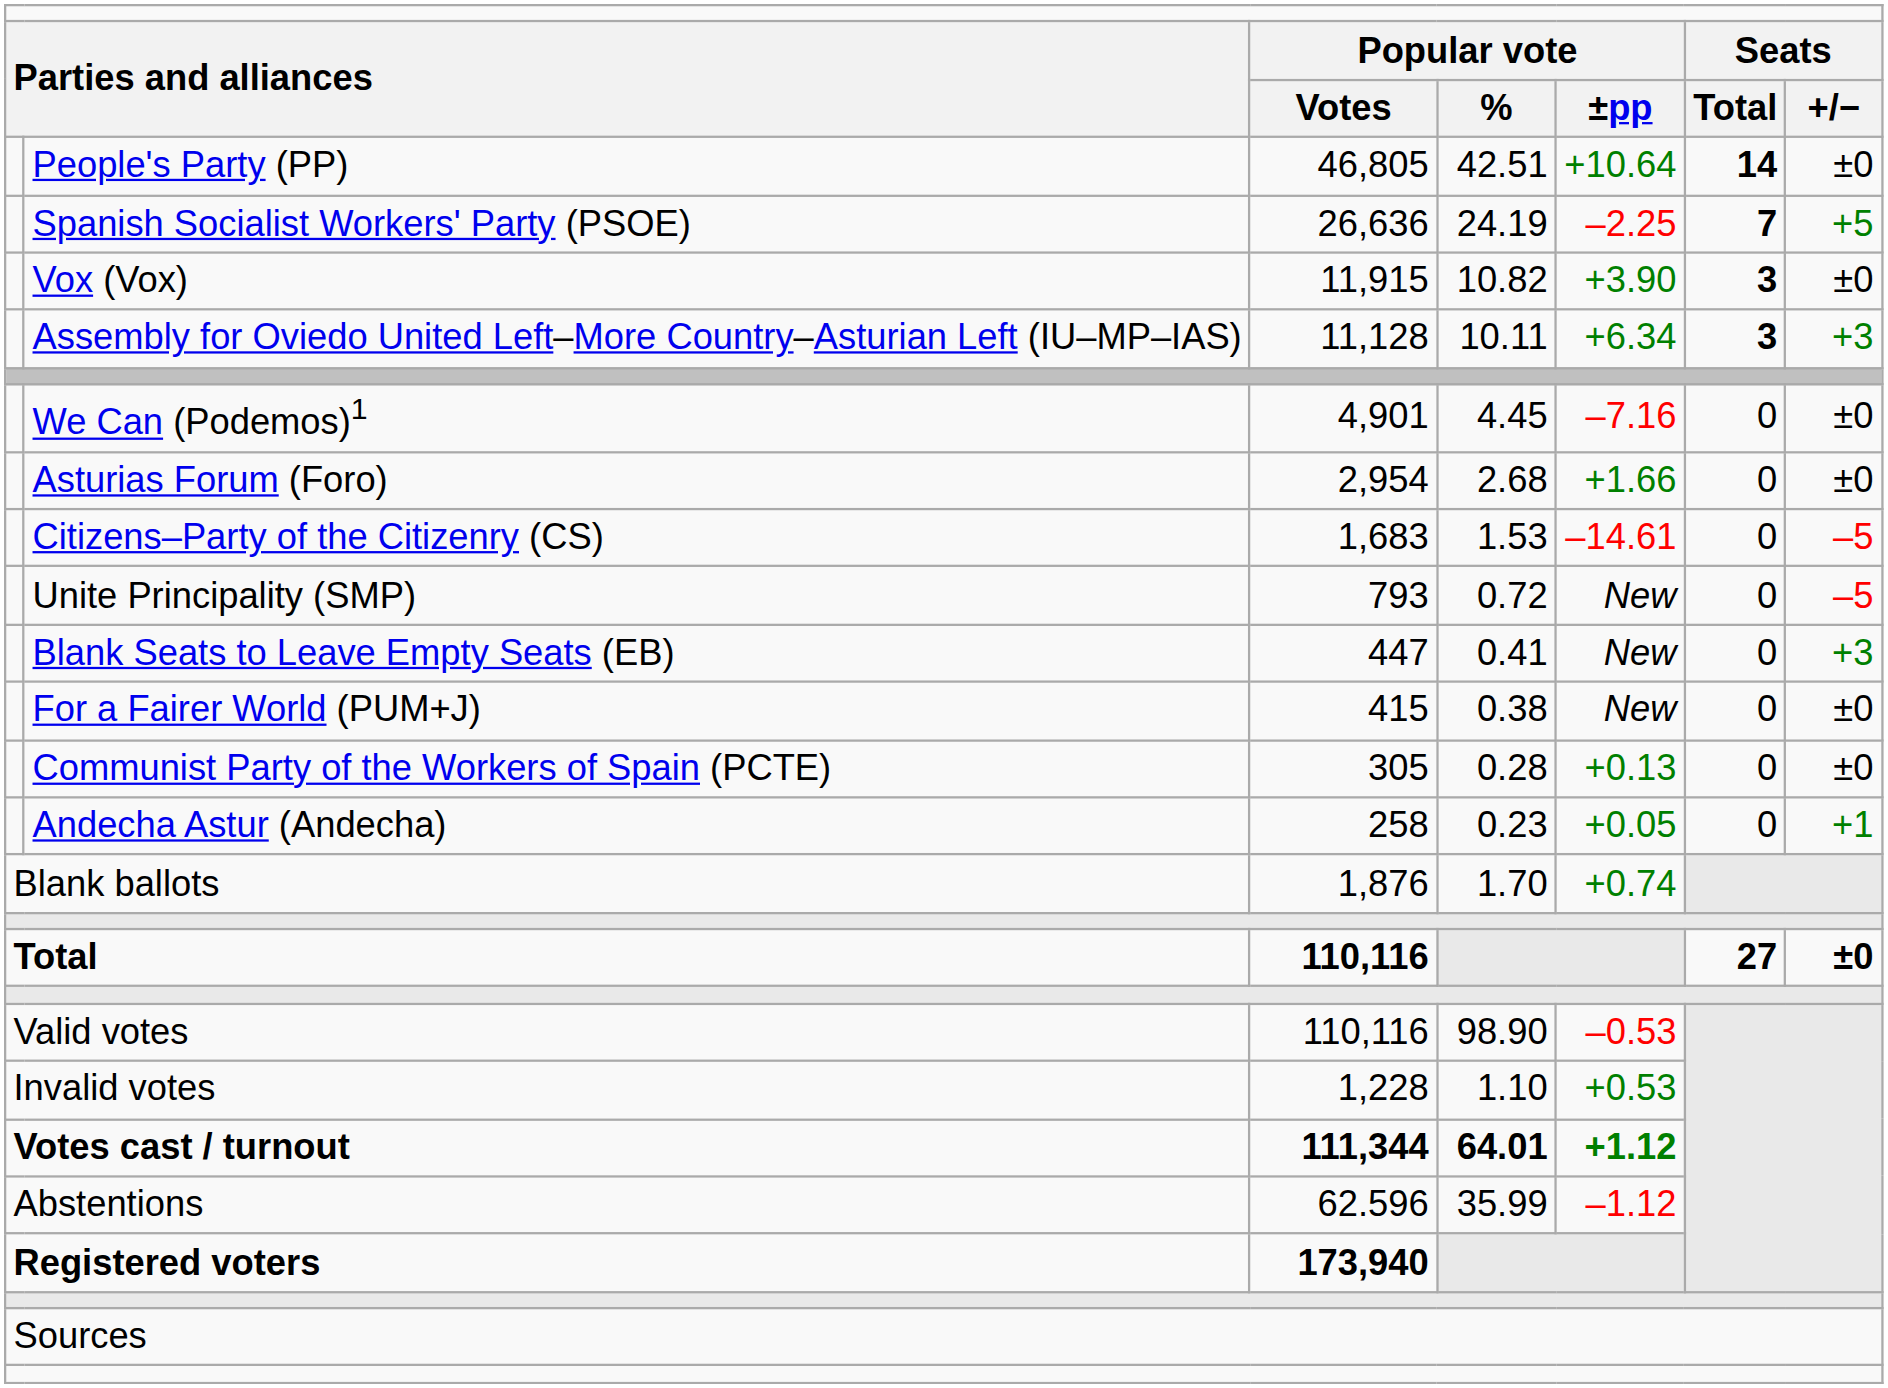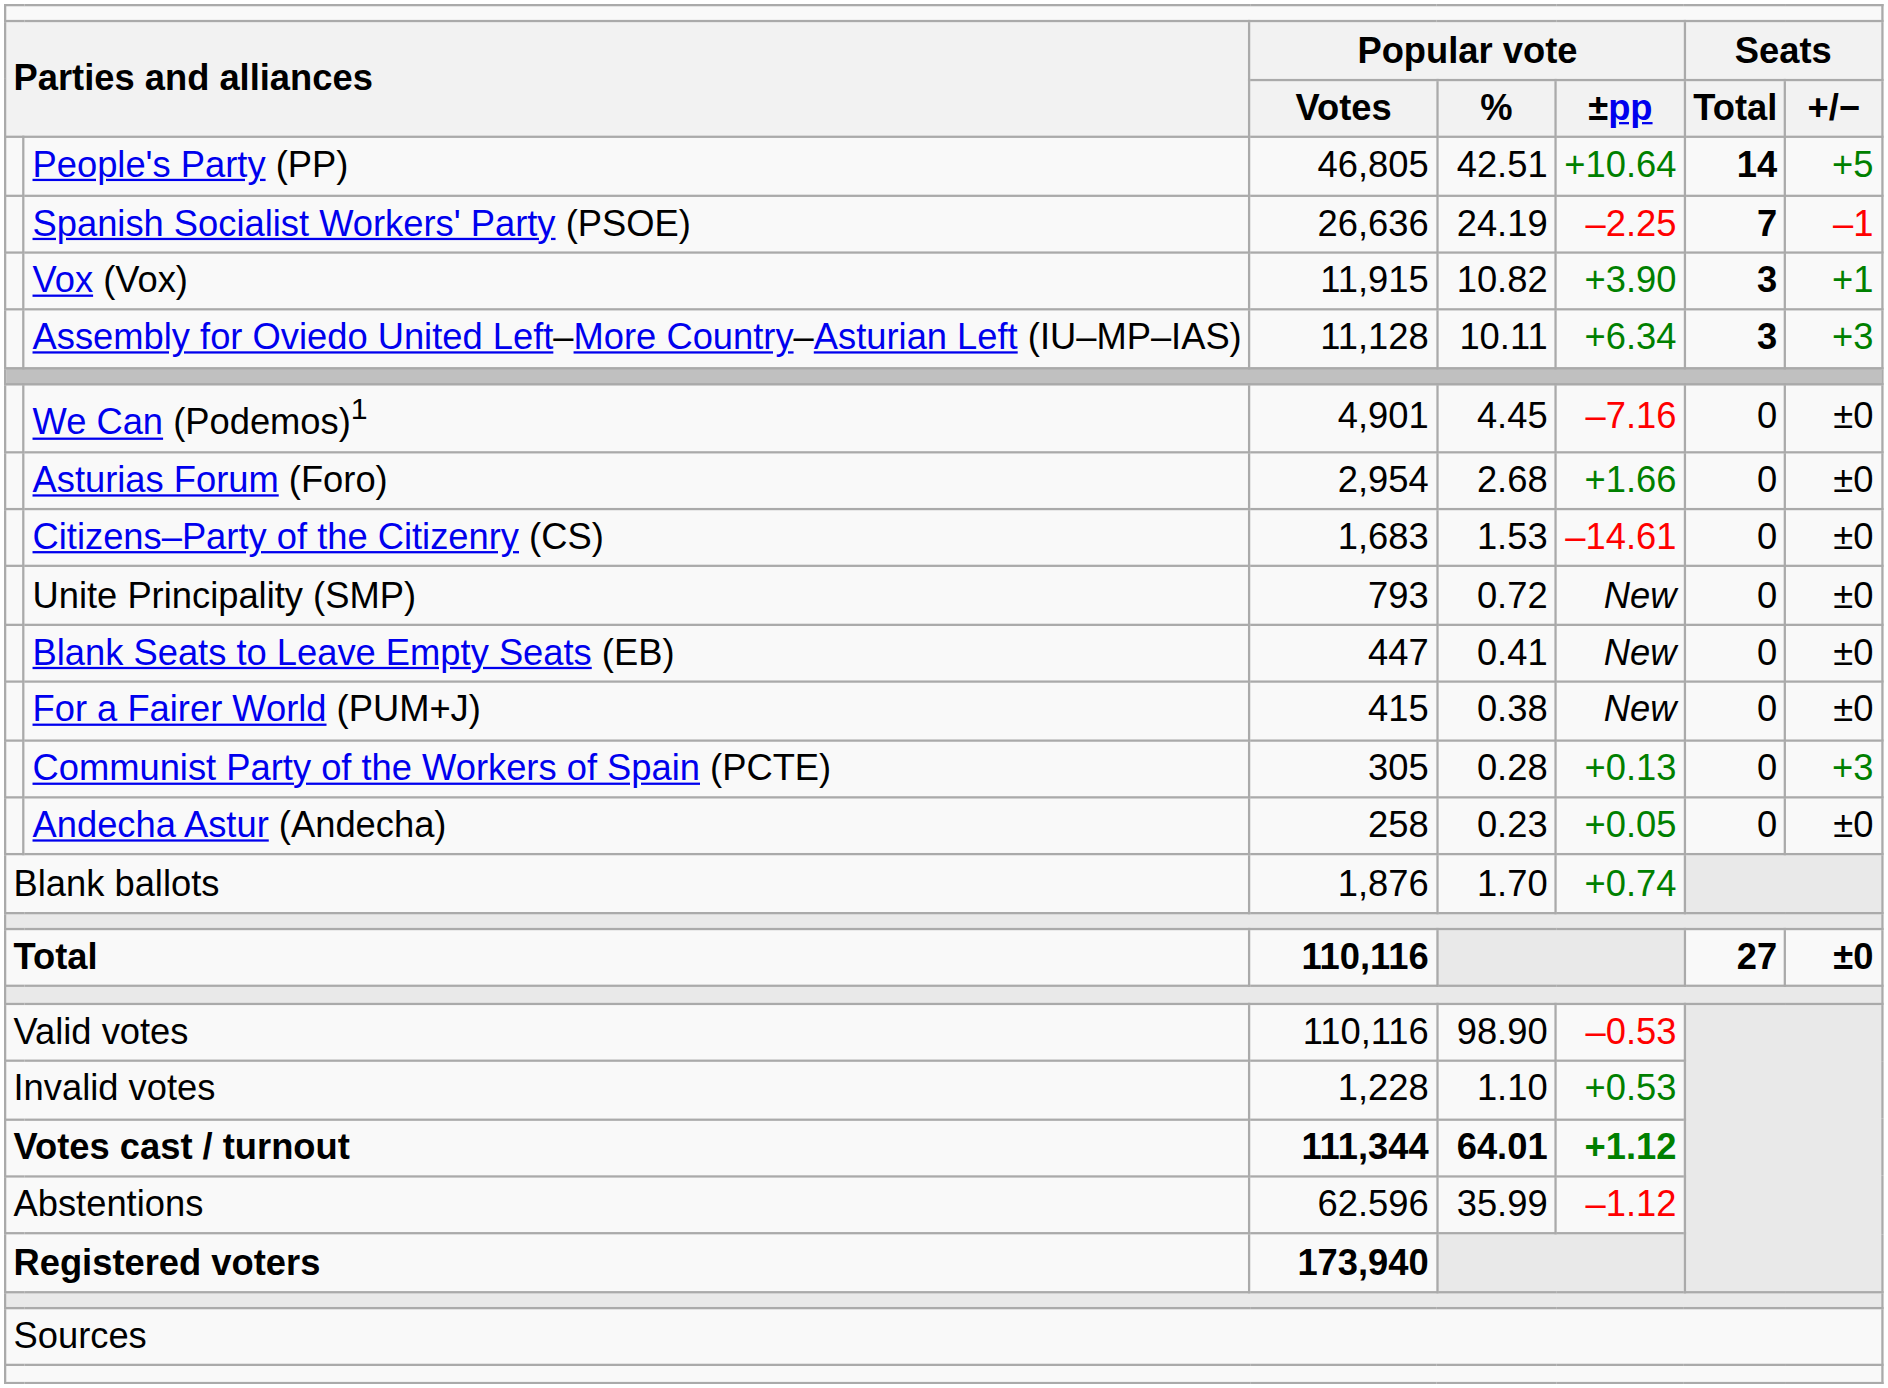 <table class="wikitable" style="text-align:right;">
 <tr>
 <td colspan="7"></td>
 </tr>
 <tr>
 <th style="text-align:left;" rowspan="2" colspan="2" width="525">Parties and alliances</th>
 <th colspan="3">Popular vote</th>
 <th colspan="2">Seats</th>
 </tr>
 <tr>
 <th width="75">Votes</th>
 <th width="45">%</th>
 <th width="45">±<a href='#'>pp</a></th>
 <th width="35">Total</th>
 <th width="35">+/−</th>
 </tr>
 <tr>
 <td width="1" style="color:inherit;background:"></td>
 <td align="left"><a href='#'>People's Party</a> (PP)</td>
 <td>46,805</td>
 <td>42.51</td>
 <td style="color:green;">+10.64</td>
 <td><strong>14</strong></td>
-<td>±0</td>
+<td style="color:green;">+5</td>
 </tr>
 <tr>
 <td style="color:inherit;background:"></td>
 <td align="left"><a href='#'>Spanish Socialist Workers' Party</a> (PSOE)</td>
 <td>26,636</td>
 <td>24.19</td>
 <td style="color:red;">–2.25</td>
 <td><strong>7</strong></td>
-<td style="color:green;">+5</td>
+<td style="color:red;">–1</td>
 </tr>
 <tr>
 <td style="color:inherit;background:"></td>
 <td align="left"><a href='#'>Vox</a> (Vox)</td>
 <td>11,915</td>
 <td>10.82</td>
 <td style="color:green;">+3.90</td>
 <td><strong>3</strong></td>
-<td>±0</td>
+<td style="color:green;">+1</td>
 </tr>
 <tr>
 <td style="color:inherit;background:"></td>
 <td align="left"><a href='#'>Assembly for Oviedo United Left</a>–<a href='#'>More Country</a>–<a href='#'>Asturian Left</a> (IU–MP–IAS)</td>
 <td>11,128</td>
 <td>10.11</td>
 <td style="color:green;">+6.34</td>
 <td><strong>3</strong></td>
 <td style="color:green;">+3</td>
 </tr>
 <tr>
 <td colspan="7" bgcolor="#C0C0C0"></td>
 </tr>
 <tr>
 <td style="color:inherit;background:"></td>
 <td align="left"><a href='#'>We Can</a> (Podemos)<sup>1</sup></td>
 <td>4,901</td>
 <td>4.45</td>
 <td style="color:red;">–7.16</td>
 <td>0</td>
 <td>±0</td>
 </tr>
 <tr>
 <td style="color:inherit;background:"></td>
 <td align="left"><a href='#'>Asturias Forum</a> (Foro)</td>
 <td>2,954</td>
 <td>2.68</td>
 <td style="color:green;">+1.66</td>
 <td>0</td>
 <td>±0</td>
 </tr>
 <tr>
 <td style="color:inherit;background:"></td>
 <td align="left"><a href='#'>Citizens–Party of the Citizenry</a> (CS)</td>
 <td>1,683</td>
 <td>1.53</td>
 <td style="color:red;">–14.61</td>
 <td>0</td>
-<td style="color:red;">–5</td>
+<td>±0</td>
 </tr>
 <tr>
 <td style="color:inherit;background:"></td>
 <td align="left">Unite Principality (SMP)</td>
 <td>793</td>
 <td>0.72</td>
 <td><em>New</em></td>
 <td>0</td>
-<td style="color:red;">–5</td>
+<td>±0</td>
 </tr>
 <tr>
 <td style="color:inherit;background:"></td>
 <td align="left"><a href='#'>Blank Seats to Leave Empty Seats</a> (EB)</td>
 <td>447</td>
 <td>0.41</td>
 <td><em>New</em></td>
 <td>0</td>
-<td style="color:green;">+3</td>
+<td>±0</td>
 </tr>
 <tr>
 <td style="color:inherit;background:"></td>
 <td align="left"><a href='#'>For a Fairer World</a> (PUM+J)</td>
 <td>415</td>
 <td>0.38</td>
 <td><em>New</em></td>
 <td>0</td>
 <td>±0</td>
 </tr>
 <tr>
 <td style="color:inherit;background:"></td>
 <td align="left"><a href='#'>Communist Party of the Workers of Spain</a> (PCTE)</td>
 <td>305</td>
 <td>0.28</td>
 <td style="color:green;">+0.13</td>
 <td>0</td>
-<td>±0</td>
+<td style="color:green;">+3</td>
 </tr>
 <tr>
 <td style="color:inherit;background:"></td>
 <td align="left"><a href='#'>Andecha Astur</a> (Andecha)</td>
 <td>258</td>
 <td>0.23</td>
 <td style="color:green;">+0.05</td>
 <td>0</td>
-<td style="color:green;">+1</td>
+<td>±0</td>
 </tr>
 <tr>
 <td colspan="2" align="left">Blank ballots</td>
 <td>1,876</td>
 <td>1.70</td>
 <td style="color:green;">+0.74</td>
 <td colspan="2" bgcolor="#E9E9E9"></td>
 </tr>
 <tr>
 <td colspan="7" bgcolor="#E9E9E9"></td>
 </tr>
 <tr style="font-weight:bold;">
 <td align="left" colspan="2">Total</td>
 <td>110,116</td>
 <td colspan="2" bgcolor="#E9E9E9"></td>
 <td>27</td>
 <td>±0</td>
 </tr>
 <tr>
 <td colspan="7" bgcolor="#E9E9E9"></td>
 </tr>
 <tr>
 <td align="left" colspan="2">Valid votes</td>
 <td>110,116</td>
 <td>98.90</td>
 <td style="color:red;">–0.53</td>
 <td bgcolor="#E9E9E9" colspan="2" rowspan="5"></td>
 </tr>
 <tr>
 <td align="left" colspan="2">Invalid votes</td>
 <td>1,228</td>
 <td>1.10</td>
 <td style="color:green;">+0.53</td>
 </tr>
 <tr style="font-weight:bold;">
 <td align="left" colspan="2">Votes cast / turnout</td>
 <td>111,344</td>
 <td>64.01</td>
 <td style="color:green;">+1.12</td>
 </tr>
 <tr>
 <td align="left" colspan="2">Abstentions</td>
 <td>62.596</td>
 <td>35.99</td>
 <td style="color:red;">–1.12</td>
 </tr>
 <tr style="font-weight:bold;">
 <td align="left" colspan="2">Registered voters</td>
 <td>173,940</td>
 <td colspan="2" bgcolor="#E9E9E9"></td>
 </tr>
 <tr>
 <td colspan="7" bgcolor="#E9E9E9"></td>
 </tr>
 <tr>
 <td align="left" colspan="7">Sources</td>
 </tr>
 <tr>
 <td colspan="7"></td>
 </tr>
 </table>
